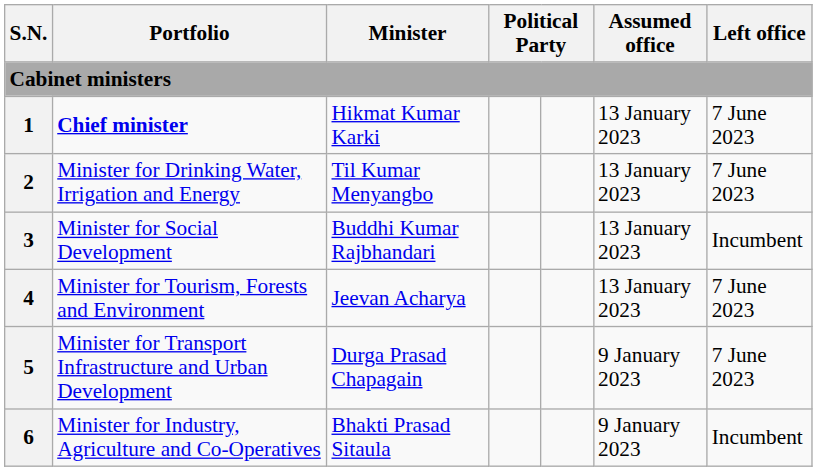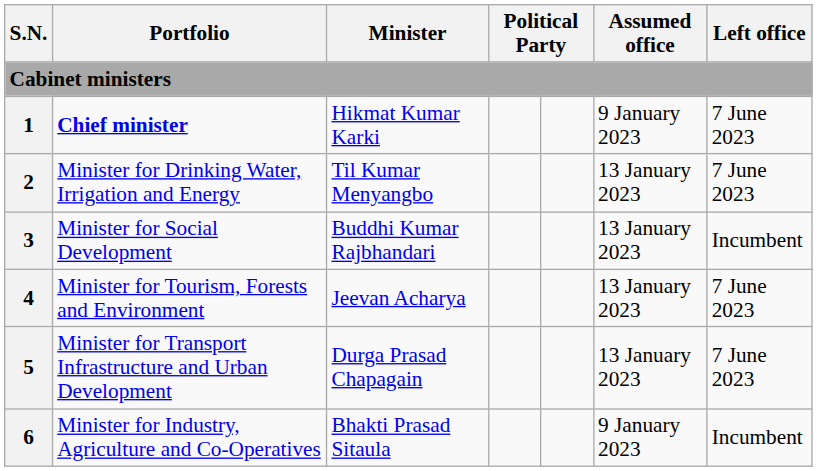 <table class="wikitable">
 <tr>
 <th>S.N.</th>
 <th>Portfolio</th>
 <th>Minister</th>
 <th colspan="2">Political Party</th>
 <th>Assumed office</th>
 <th>Left office</th>
 </tr>
 <tr>
 <td colspan="7" bgcolor="darkgrey"><strong>Cabinet ministers</strong></td>
 </tr>
 <tr>
 <th>1</th>
 <td><strong><a href='#'>Chief minister</a></strong><br></td>
 <td><a href='#'>Hikmat Kumar Karki</a></td>
 <td></td>
 <td></td>
-<td>13 January 2023</td>
+<td>9 January 2023</td>
 <td>7 June 2023</td>
 </tr>
 <tr>
 <th>2</th>
 <td><a href='#'>Minister for Drinking Water, Irrigation and Energy</a></td>
 <td><a href='#'>Til Kumar Menyangbo</a></td>
 <td></td>
 <td></td>
 <td>13 January 2023</td>
 <td>7 June 2023</td>
 </tr>
 <tr>
 <th>3</th>
 <td><a href='#'>Minister for Social Development</a></td>
 <td><a href='#'>Buddhi Kumar Rajbhandari</a></td>
 <td></td>
 <td></td>
 <td>13 January 2023</td>
 <td>Incumbent</td>
 </tr>
 <tr>
 <th>4</th>
 <td><a href='#'>Minister for Tourism, Forests and Environment</a></td>
 <td><a href='#'>Jeevan Acharya</a></td>
 <td></td>
 <td></td>
 <td>13 January 2023</td>
 <td>7 June 2023</td>
 </tr>
 <tr>
 <th>5</th>
 <td><a href='#'>Minister for Transport Infrastructure and Urban Development</a></td>
 <td><a href='#'>Durga Prasad Chapagain</a></td>
 <td></td>
 <td></td>
-<td>9 January 2023</td>
+<td>13 January 2023</td>
 <td>7 June 2023</td>
 </tr>
 <tr>
 <th>6</th>
 <td><a href='#'>Minister for Industry, Agriculture and Co-Operatives</a></td>
 <td><a href='#'>Bhakti Prasad Sitaula</a></td>
 <td></td>
 <td></td>
 <td>9 January 2023</td>
 <td>Incumbent</td>
 </tr>
 </table>
